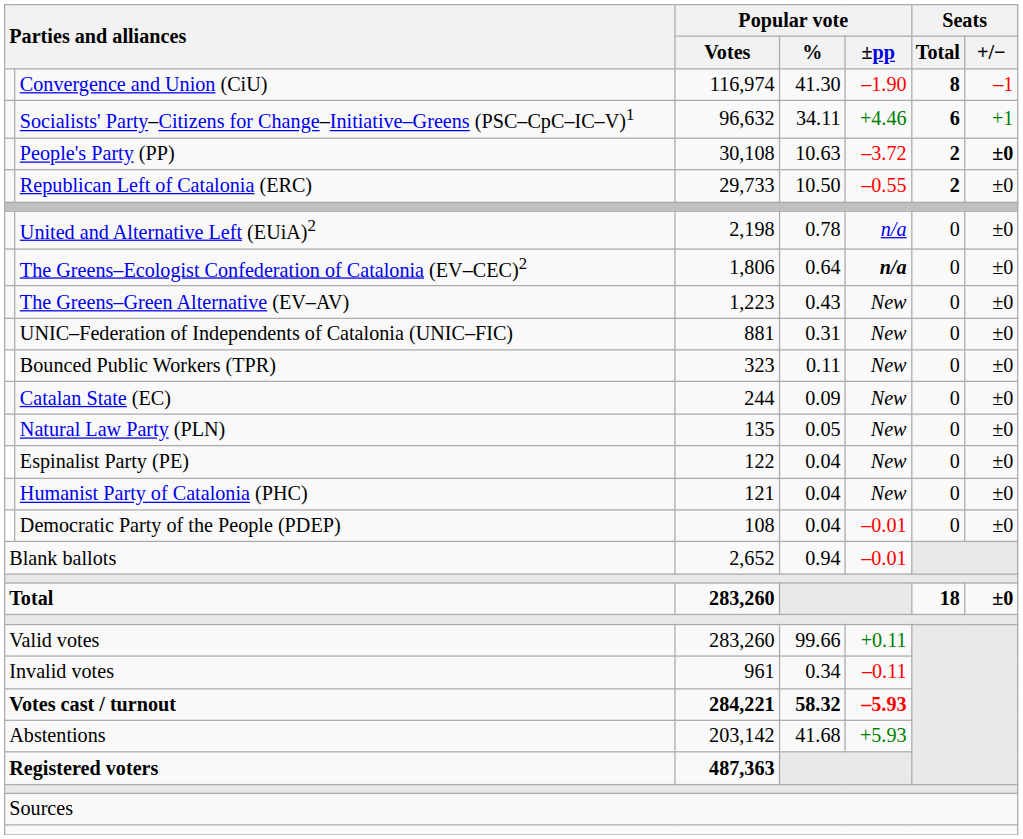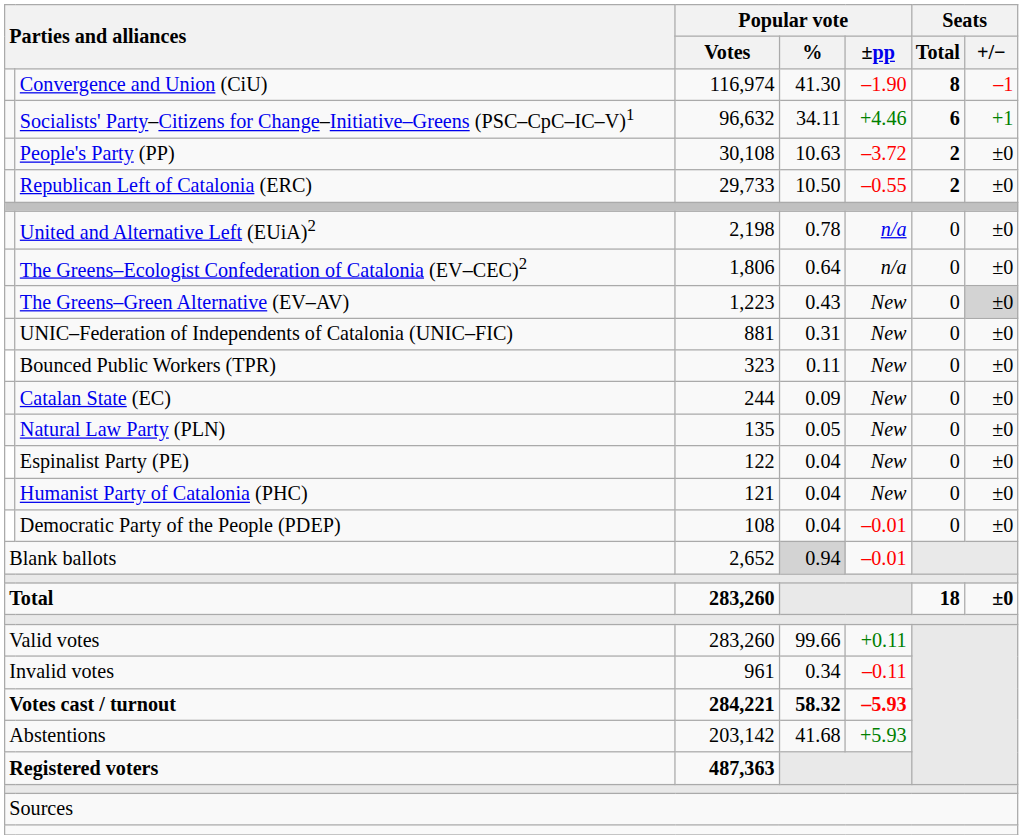 <table class="wikitable" style="text-align:right;">
 <tr>
 <th style="text-align:left;" rowspan="2" colspan="2" width="525">Parties and alliances</th>
 <th colspan="3">Popular vote</th>
 <th colspan="2">Seats</th>
 </tr>
 <tr>
 <th width="75">Votes</th>
 <th width="45">%</th>
 <th width="45">±<a href='#'>pp</a></th>
 <th width="35">Total</th>
 <th width="35">+/−</th>
 </tr>
 <tr>
 <td width="1" style="color:inherit;background:"></td>
 <td align="left"><a href='#'>Convergence and Union</a> (CiU)</td>
 <td>116,974</td>
 <td>41.30</td>
 <td style="color:red;">–1.90</td>
 <td><strong>8</strong></td>
 <td style="color:red;">–1</td>
 </tr>
 <tr>
 <td style="color:inherit;background:"></td>
 <td align="left"><a href='#'>Socialists' Party</a>–<a href='#'>Citizens for Change</a>–<a href='#'>Initiative–Greens</a> (PSC–CpC–IC–V)<sup>1</sup></td>
 <td>96,632</td>
 <td>34.11</td>
 <td style="color:green;">+4.46</td>
 <td><strong>6</strong></td>
 <td style="color:green;">+1</td>
 </tr>
 <tr>
 <td style="color:inherit;background:"></td>
 <td align="left"><a href='#'>People's Party</a> (PP)</td>
 <td>30,108</td>
 <td>10.63</td>
 <td style="color:red;">–3.72</td>
 <td><strong>2</strong></td>
-<td><strong>±0</strong></td>
+<td>±0</td>
 </tr>
 <tr>
 <td style="color:inherit;background:"></td>
 <td align="left"><a href='#'>Republican Left of Catalonia</a> (ERC)</td>
 <td>29,733</td>
 <td>10.50</td>
 <td style="color:red;">–0.55</td>
 <td><strong>2</strong></td>
 <td>±0</td>
 </tr>
 <tr>
 <td colspan="7" bgcolor="#C0C0C0"></td>
 </tr>
 <tr>
 <td style="color:inherit;background:"></td>
 <td align="left"><a href='#'>United and Alternative Left</a> (EUiA)<sup>2</sup></td>
 <td>2,198</td>
 <td>0.78</td>
 <td><em><a href='#'>n/a</a></em></td>
 <td>0</td>
 <td>±0</td>
 </tr>
 <tr>
 <td style="color:inherit;background:"></td>
 <td align="left"><a href='#'>The Greens–Ecologist Confederation of Catalonia</a> (EV–CEC)<sup>2</sup></td>
 <td>1,806</td>
 <td>0.64</td>
-<td><strong><em>n/a</em></strong></td>
+<td><em>n/a</em></td>
 <td>0</td>
 <td>±0</td>
 </tr>
 <tr>
 <td style="color:inherit;background:"></td>
 <td align="left"><a href='#'>The Greens–Green Alternative</a> (EV–AV)</td>
 <td>1,223</td>
 <td>0.43</td>
 <td><em>New</em></td>
 <td>0</td>
-<td>±0</td>
+<td style="background: lightgrey;">±0</td>
 </tr>
 <tr>
 <td style="color:inherit;background:"></td>
 <td align="left">UNIC–Federation of Independents of Catalonia (UNIC–FIC)</td>
 <td>881</td>
 <td>0.31</td>
 <td><em>New</em></td>
 <td>0</td>
 <td>±0</td>
 </tr>
 <tr>
 <td bgcolor="white"></td>
 <td align="left">Bounced Public Workers (TPR)</td>
 <td>323</td>
 <td>0.11</td>
 <td><em>New</em></td>
 <td>0</td>
 <td>±0</td>
 </tr>
 <tr>
 <td style="color:inherit;background:"></td>
 <td align="left"><a href='#'>Catalan State</a> (EC)</td>
 <td>244</td>
 <td>0.09</td>
 <td><em>New</em></td>
 <td>0</td>
 <td>±0</td>
 </tr>
 <tr>
 <td style="color:inherit;background:"></td>
 <td align="left"><a href='#'>Natural Law Party</a> (PLN)</td>
 <td>135</td>
 <td>0.05</td>
 <td><em>New</em></td>
 <td>0</td>
 <td>±0</td>
 </tr>
 <tr>
 <td bgcolor="white"></td>
 <td align="left">Espinalist Party (PE)</td>
 <td>122</td>
 <td>0.04</td>
 <td><em>New</em></td>
 <td>0</td>
 <td>±0</td>
 </tr>
 <tr>
 <td style="color:inherit;background:"></td>
 <td align="left"><a href='#'>Humanist Party of Catalonia</a> (PHC)</td>
 <td>121</td>
 <td>0.04</td>
 <td><em>New</em></td>
 <td>0</td>
 <td>±0</td>
 </tr>
 <tr>
 <td bgcolor="white"></td>
 <td align="left">Democratic Party of the People (PDEP)</td>
 <td>108</td>
 <td>0.04</td>
 <td style="color:red;">–0.01</td>
 <td>0</td>
 <td>±0</td>
 </tr>
 <tr>
 <td align="left" colspan="2">Blank ballots</td>
 <td>2,652</td>
-<td>0.94</td>
+<td style="background: lightgrey;">0.94</td>
 <td style="color:red;">–0.01</td>
 <td bgcolor="#E9E9E9" colspan="2"></td>
 </tr>
 <tr>
 <td colspan="7" bgcolor="#E9E9E9"></td>
 </tr>
 <tr style="font-weight:bold;">
 <td align="left" colspan="2">Total</td>
 <td>283,260</td>
 <td bgcolor="#E9E9E9" colspan="2"></td>
 <td>18</td>
 <td>±0</td>
 </tr>
 <tr>
 <td colspan="7" bgcolor="#E9E9E9"></td>
 </tr>
 <tr>
 <td align="left" colspan="2">Valid votes</td>
 <td>283,260</td>
 <td>99.66</td>
 <td style="color:green;">+0.11</td>
 <td bgcolor="#E9E9E9" colspan="2" rowspan="5"></td>
 </tr>
 <tr>
 <td align="left" colspan="2">Invalid votes</td>
 <td>961</td>
 <td>0.34</td>
 <td style="color:red;">–0.11</td>
 </tr>
 <tr style="font-weight:bold;">
 <td align="left" colspan="2">Votes cast / turnout</td>
 <td>284,221</td>
 <td>58.32</td>
 <td style="color:red;">–5.93</td>
 </tr>
 <tr>
 <td align="left" colspan="2">Abstentions</td>
 <td>203,142</td>
 <td>41.68</td>
 <td style="color:green;">+5.93</td>
 </tr>
 <tr style="font-weight:bold;">
 <td align="left" colspan="2">Registered voters</td>
 <td>487,363</td>
 <td bgcolor="#E9E9E9" colspan="2"></td>
 </tr>
 <tr>
 <td colspan="7" bgcolor="#E9E9E9"></td>
 </tr>
 <tr>
 <td align="left" colspan="7">Sources</td>
 </tr>
 <tr>
 <td colspan="7" style="text-align:left; max-width:790px;"></td>
 </tr>
 </table>
